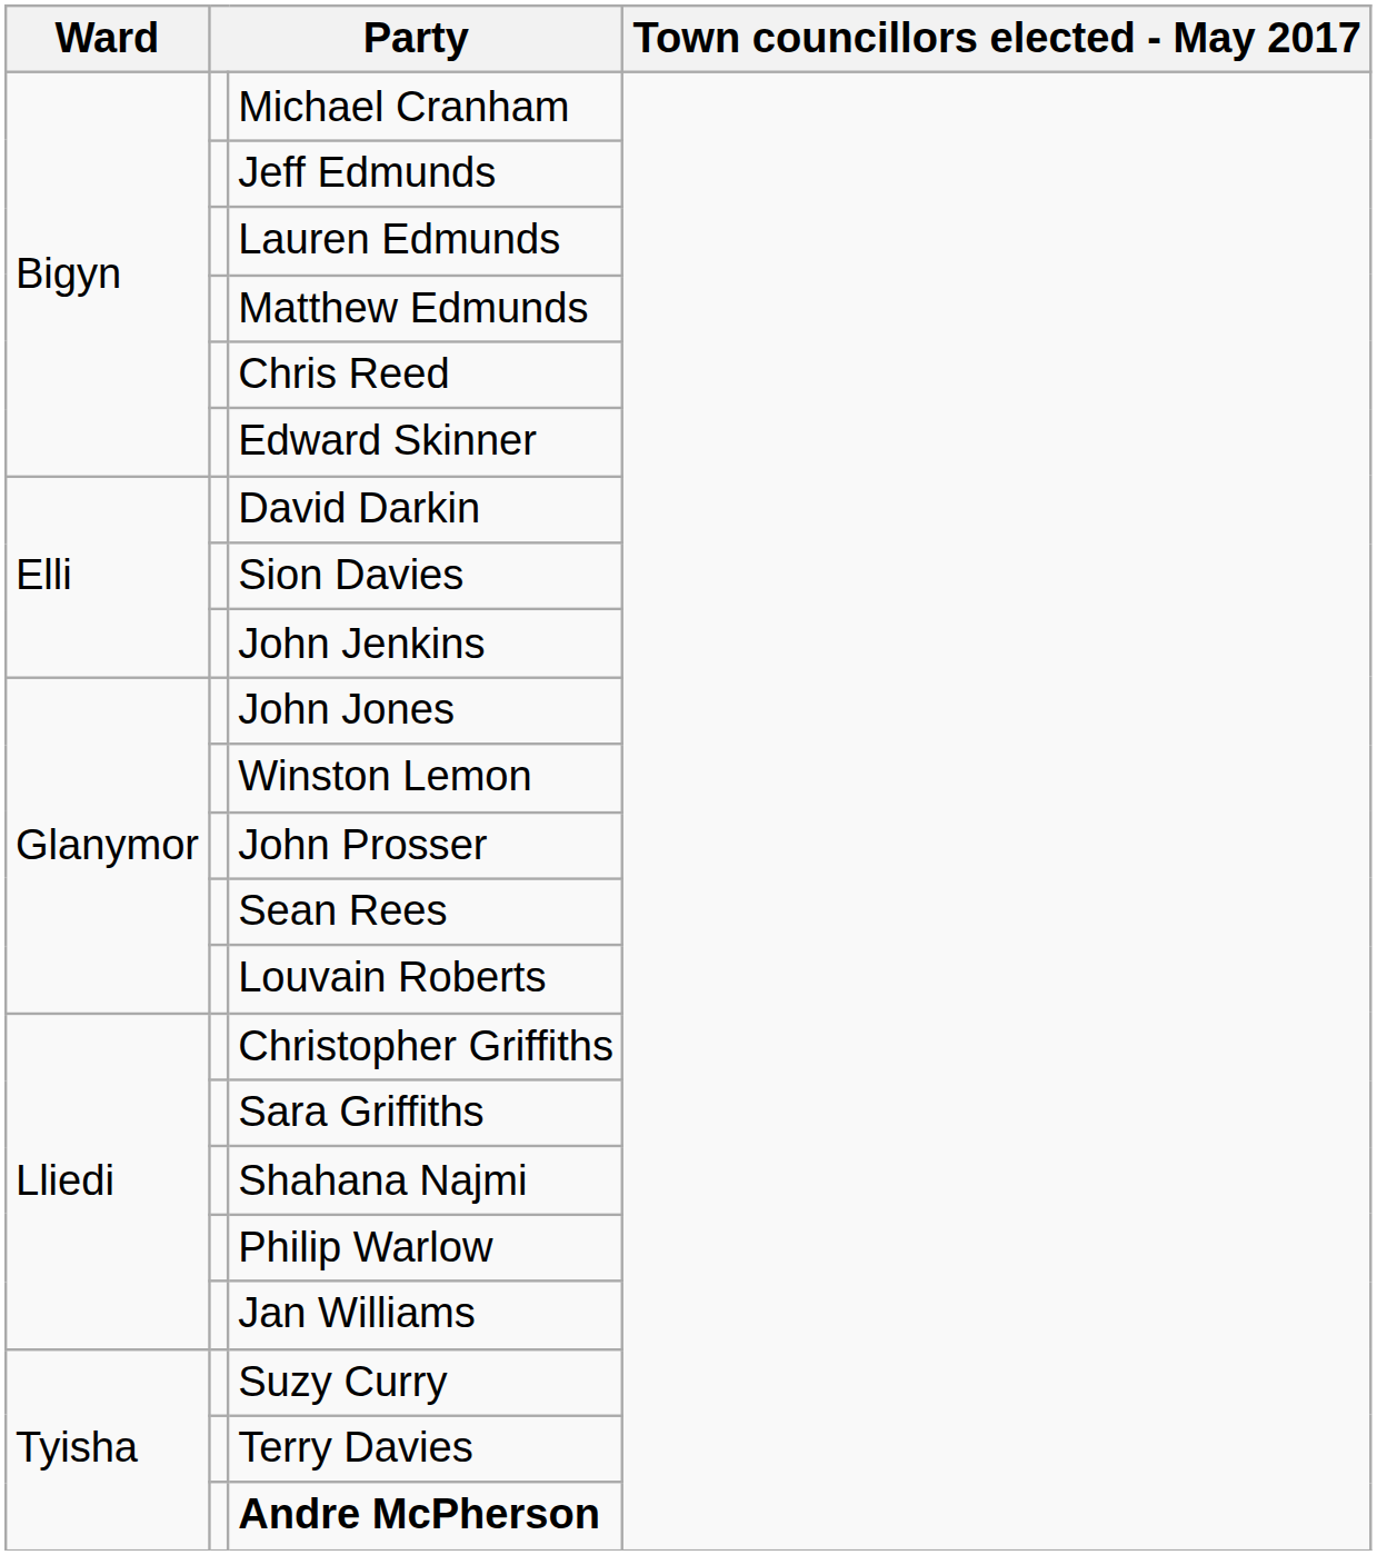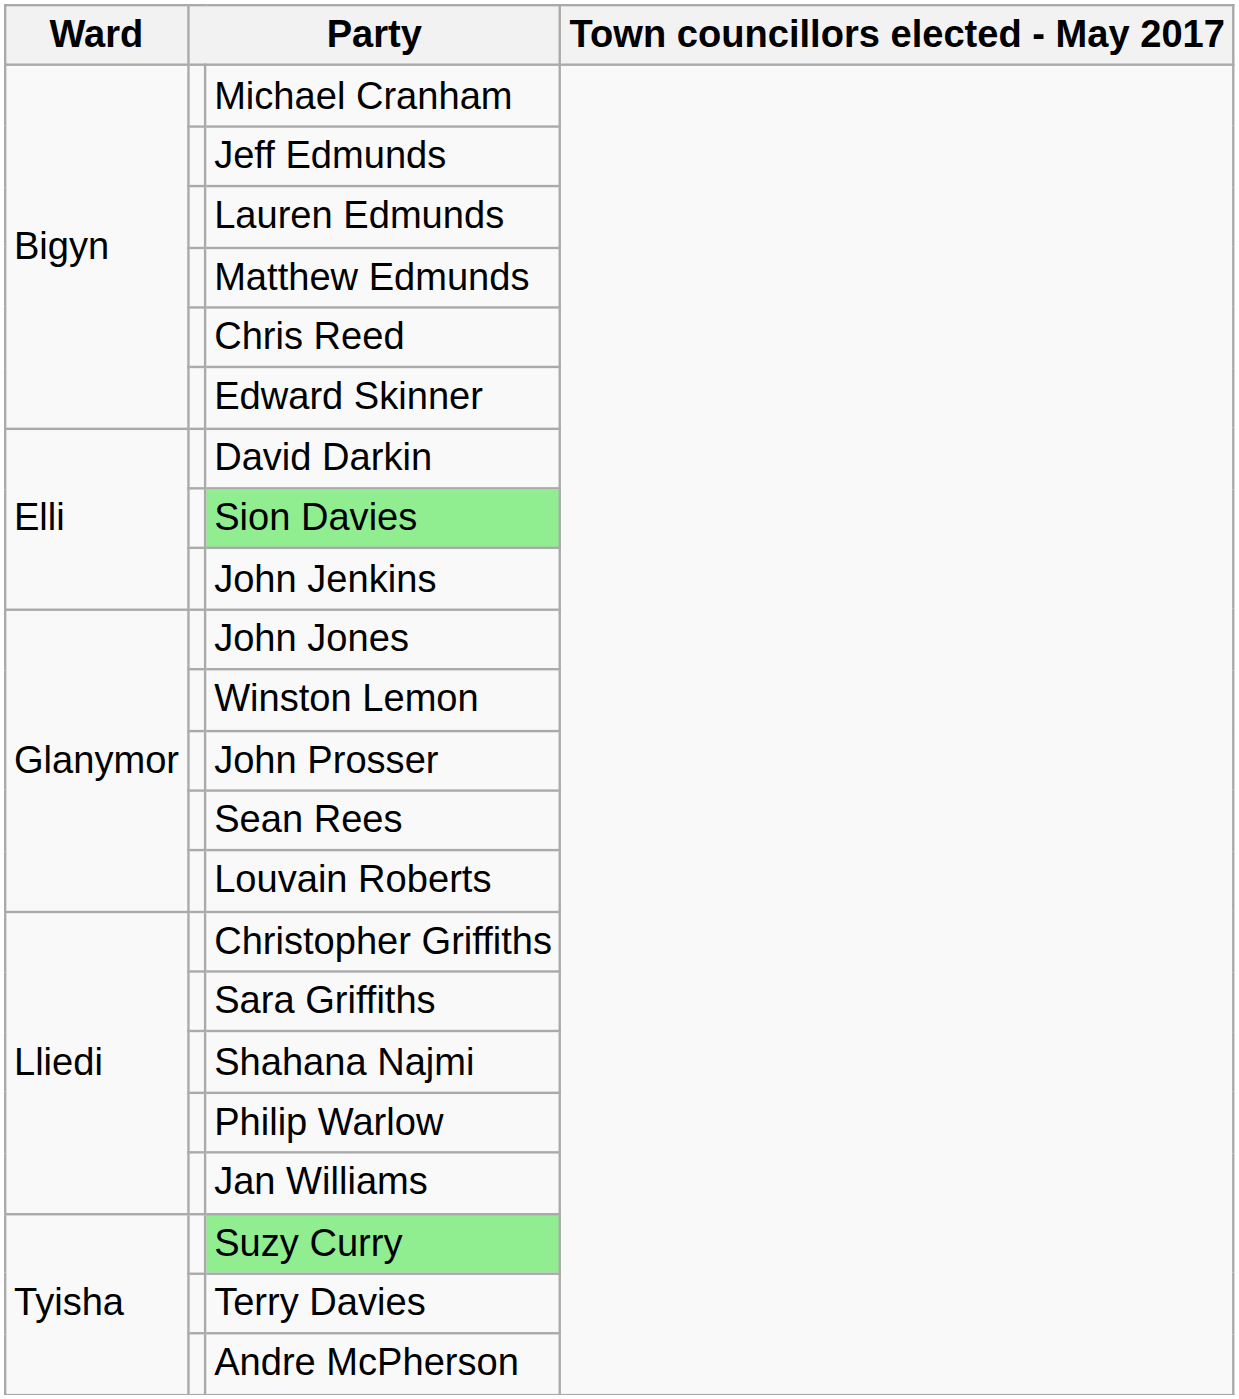 <table class="wikitable">
 <tr>
 <th>Ward</th>
 <th colspan=2>Party</th>
 <th>Town councillors elected - May 2017</th>
 </tr>
 <tr>
 <td rowspan="6">Bigyn</td>
 <td></td>
 <td>Michael Cranham</td>
 </tr>
 <tr>
 <td></td>
 <td>Jeff Edmunds</td>
 </tr>
 <tr>
 <td></td>
 <td>Lauren Edmunds</td>
 </tr>
 <tr>
 <td></td>
 <td>Matthew Edmunds</td>
 </tr>
 <tr>
 <td></td>
 <td>Chris Reed</td>
 </tr>
 <tr>
 <td></td>
 <td>Edward Skinner</td>
 </tr>
 <tr>
 <td rowspan="3">Elli</td>
 <td></td>
 <td>David Darkin</td>
 </tr>
 <tr>
 <td></td>
-<td>Sion Davies</td>
+<td style="background: lightgreen;">Sion Davies</td>
 </tr>
 <tr>
 <td></td>
 <td>John Jenkins</td>
 </tr>
 <tr>
 <td rowspan="5">Glanymor</td>
 <td></td>
 <td>John Jones</td>
 </tr>
 <tr>
 <td></td>
 <td>Winston Lemon</td>
 </tr>
 <tr>
 <td></td>
 <td>John Prosser</td>
 </tr>
 <tr>
 <td></td>
 <td>Sean Rees</td>
 </tr>
 <tr>
 <td></td>
 <td>Louvain Roberts</td>
 </tr>
 <tr>
 <td rowspan="5">Lliedi</td>
 <td></td>
 <td>Christopher Griffiths</td>
 </tr>
 <tr>
 <td></td>
 <td>Sara Griffiths</td>
 </tr>
 <tr>
 <td></td>
 <td>Shahana Najmi</td>
 </tr>
 <tr>
 <td></td>
 <td>Philip Warlow</td>
 </tr>
 <tr>
 <td></td>
 <td>Jan Williams</td>
 </tr>
 <tr>
 <td rowspan="3">Tyisha</td>
 <td></td>
-<td>Suzy Curry</td>
+<td style="background: lightgreen;">Suzy Curry</td>
 </tr>
 <tr>
 <td></td>
 <td>Terry Davies</td>
 </tr>
 <tr>
 <td></td>
-<td><strong>Andre McPherson</strong></td>
+<td>Andre McPherson</td>
 </tr>
 </table>
